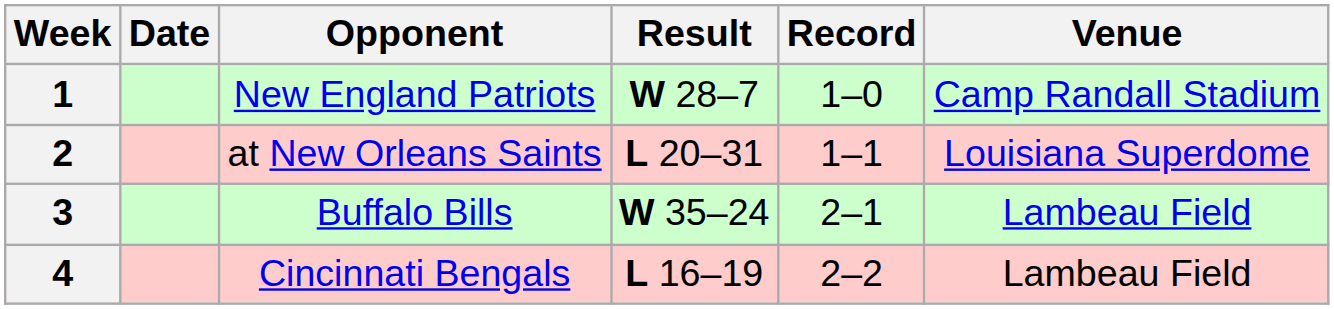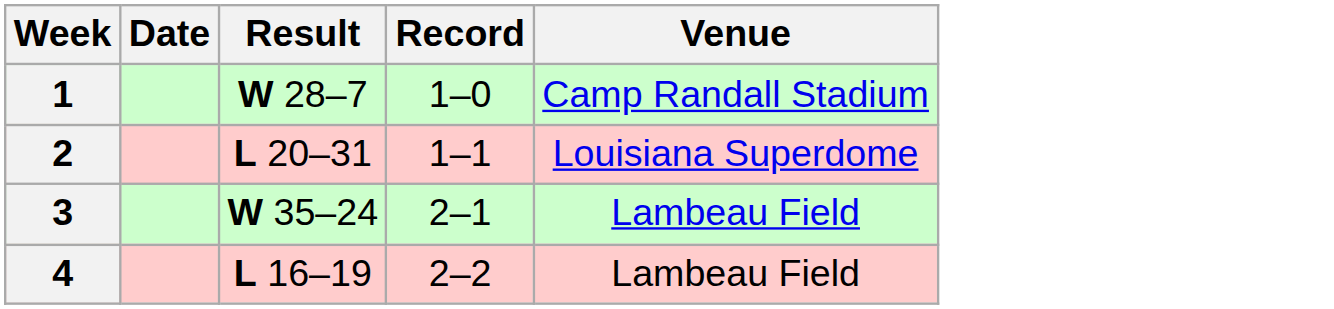 <table class="wikitable" style="text-align:center">
 <tr>
 <th>Week</th>
 <th>Date</th>
-<th>Opponent</th>
 <th>Result</th>
 <th>Record</th>
 <th>Venue</th>
 </tr>
 <tr style="background:#cfc">
 <th>1</th>
 <td></td>
-<td><a href='#'>New England Patriots</a></td>
 <td><strong>W</strong> 28–7</td>
 <td>1–0</td>
 <td><a href='#'>Camp Randall Stadium</a></td>
 </tr>
 <tr style="background:#fcc">
 <th>2</th>
 <td></td>
-<td>at <a href='#'>New Orleans Saints</a></td>
 <td><strong>L</strong> 20–31</td>
 <td>1–1</td>
 <td><a href='#'>Louisiana Superdome</a></td>
 </tr>
 <tr style="background:#cfc">
 <th>3</th>
 <td></td>
-<td><a href='#'>Buffalo Bills</a></td>
 <td><strong>W</strong> 35–24</td>
 <td>2–1</td>
 <td><a href='#'>Lambeau Field</a></td>
 </tr>
 <tr style="background:#fcc">
 <th>4</th>
 <td></td>
-<td><a href='#'>Cincinnati Bengals</a></td>
 <td><strong>L</strong> 16–19 </td>
 <td>2–2</td>
 <td>Lambeau Field</td>
 </tr>
 </table>
